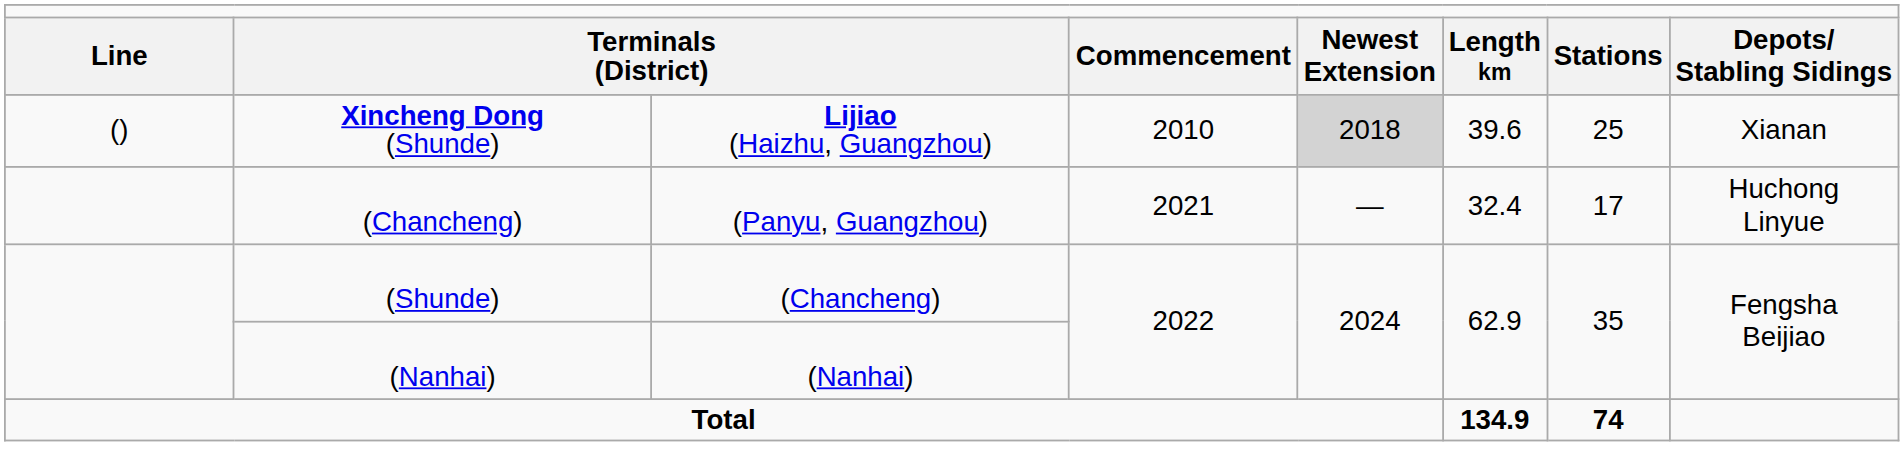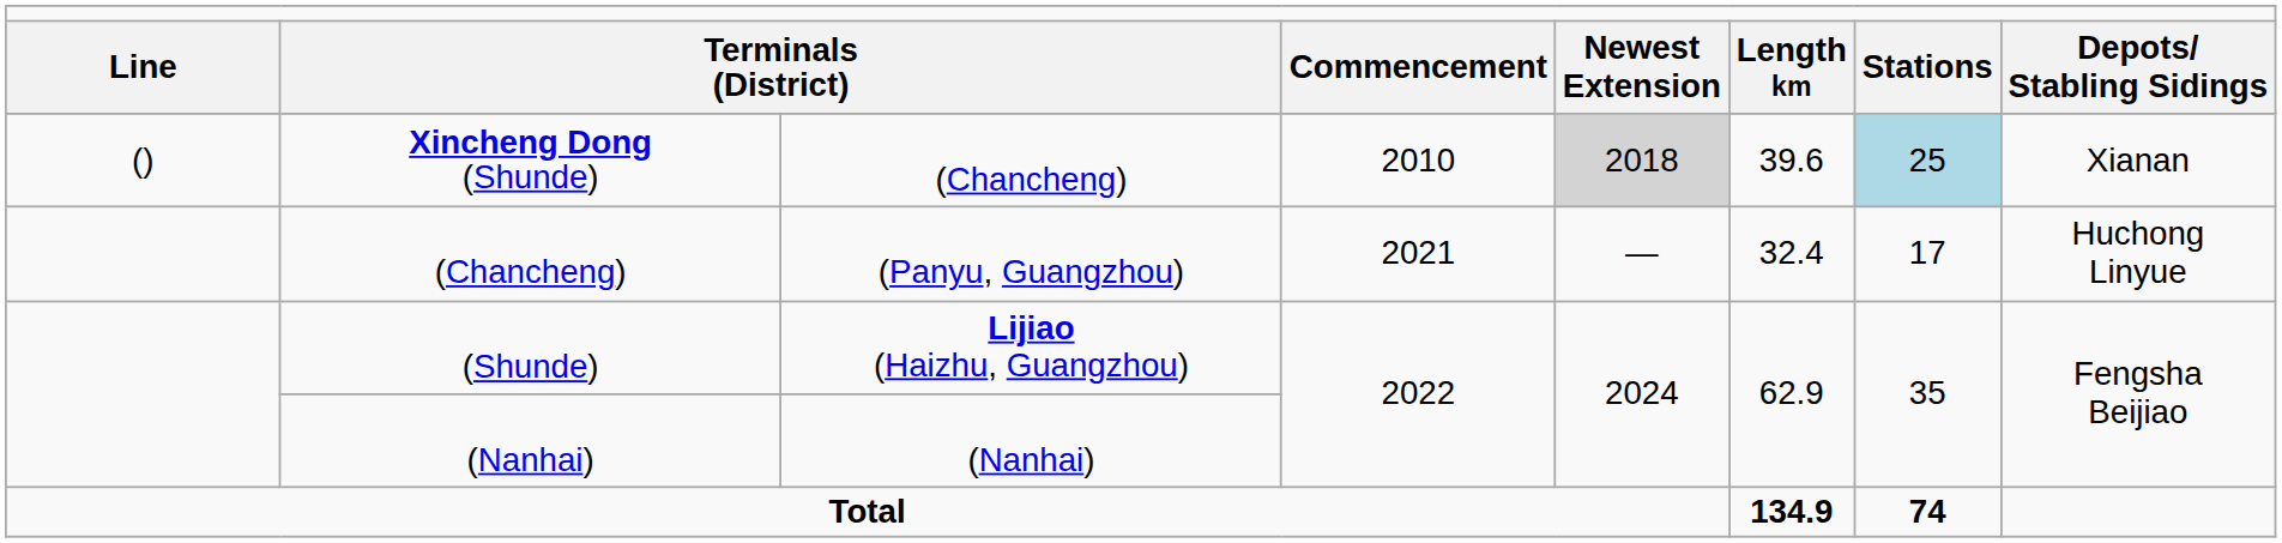 <table class="wikitable" style="cell-padding:1.5; font-size:96%; text-align:center;">
 <tr>
 <td colspan="8"></td>
 </tr>
 <tr>
 <th data-sort-type="text"style="width:120px;">Line</th>
 <th class="unsortable" colspan="2" style="width:450px; line-height:1.05">Terminals<br>(District)</th>
 <th>Commencement</th>
 <th>Newest<br>Extension</th>
 <th style="line-height:1.05">Length<br><small>km</small></th>
 <th style="line-height:1.05">Stations</th>
 <th>Depots/<br>Stabling Sidings</th>
 </tr>
 <tr>
 <td style="text-align:center; line-height:1.05"> ()</td>
 <td style="text-align:center; width:225px; line-height:1.05"><strong><a href='#'>Xincheng Dong</a></strong><br>(<a href='#'>Shunde</a>)</td>
-<td style="text-align:center; width:225px; line-height:1.05"><strong><a href='#'>Lijiao</a></strong><br>(<a href='#'>Haizhu</a>, <a href='#'>Guangzhou</a>)</td>
+<td><strong></strong><br>(<a href='#'>Chancheng</a>)</td>
 <td style="text-align:center; line-height:1.05">2010</td>
 <td style="background: lightgrey; text-align:center; line-height:1.05">2018</td>
 <td style="text-align:center; line-height:1.05">39.6</td>
-<td style="text-align:center; line-height:1.05">25</td>
+<td style="background: lightblue; text-align:center; line-height:1.05">25</td>
 <td style="text-align:center; line-height:1.05">Xianan</td>
 </tr>
 <tr>
 <td></td>
 <td><strong></strong><br>(<a href='#'>Chancheng</a>)</td>
 <td><strong></strong><br>(<a href='#'>Panyu</a>, <a href='#'>Guangzhou</a>)</td>
 <td>2021</td>
 <td>—</td>
 <td>32.4</td>
 <td>17</td>
 <td>Huchong<br>Linyue</td>
 </tr>
 <tr>
 <td rowspan="2"></td>
 <td><strong></strong><br>(<a href='#'>Shunde</a>)</td>
-<td><strong></strong><br>(<a href='#'>Chancheng</a>)</td>
+<td style="text-align:center; width:225px; line-height:1.05"><strong><a href='#'>Lijiao</a></strong><br>(<a href='#'>Haizhu</a>, <a href='#'>Guangzhou</a>)</td>
 <td rowspan="2">2022</td>
 <td rowspan="2">2024</td>
 <td rowspan="2">62.9</td>
 <td rowspan="2">35</td>
 <td rowspan="2">Fengsha<br>Beijiao</td>
 </tr>
 <tr>
 <td><strong></strong><br>(<a href='#'>Nanhai</a>)</td>
 <td><strong></strong><br>(<a href='#'>Nanhai</a>)</td>
 </tr>
 <tr class="sortbottom">
 <td colspan="5" style="text-align:center; line-height:1.05"><strong>Total</strong></td>
 <td style="text-align:center; line-height:1.05"><strong>134.9</strong></td>
 <td style="text-align:center; line-height:1.05"><strong>74</strong></td>
 <td style="text-align:center; line-height:1.05"><br></td>
 </tr>
 </table>
